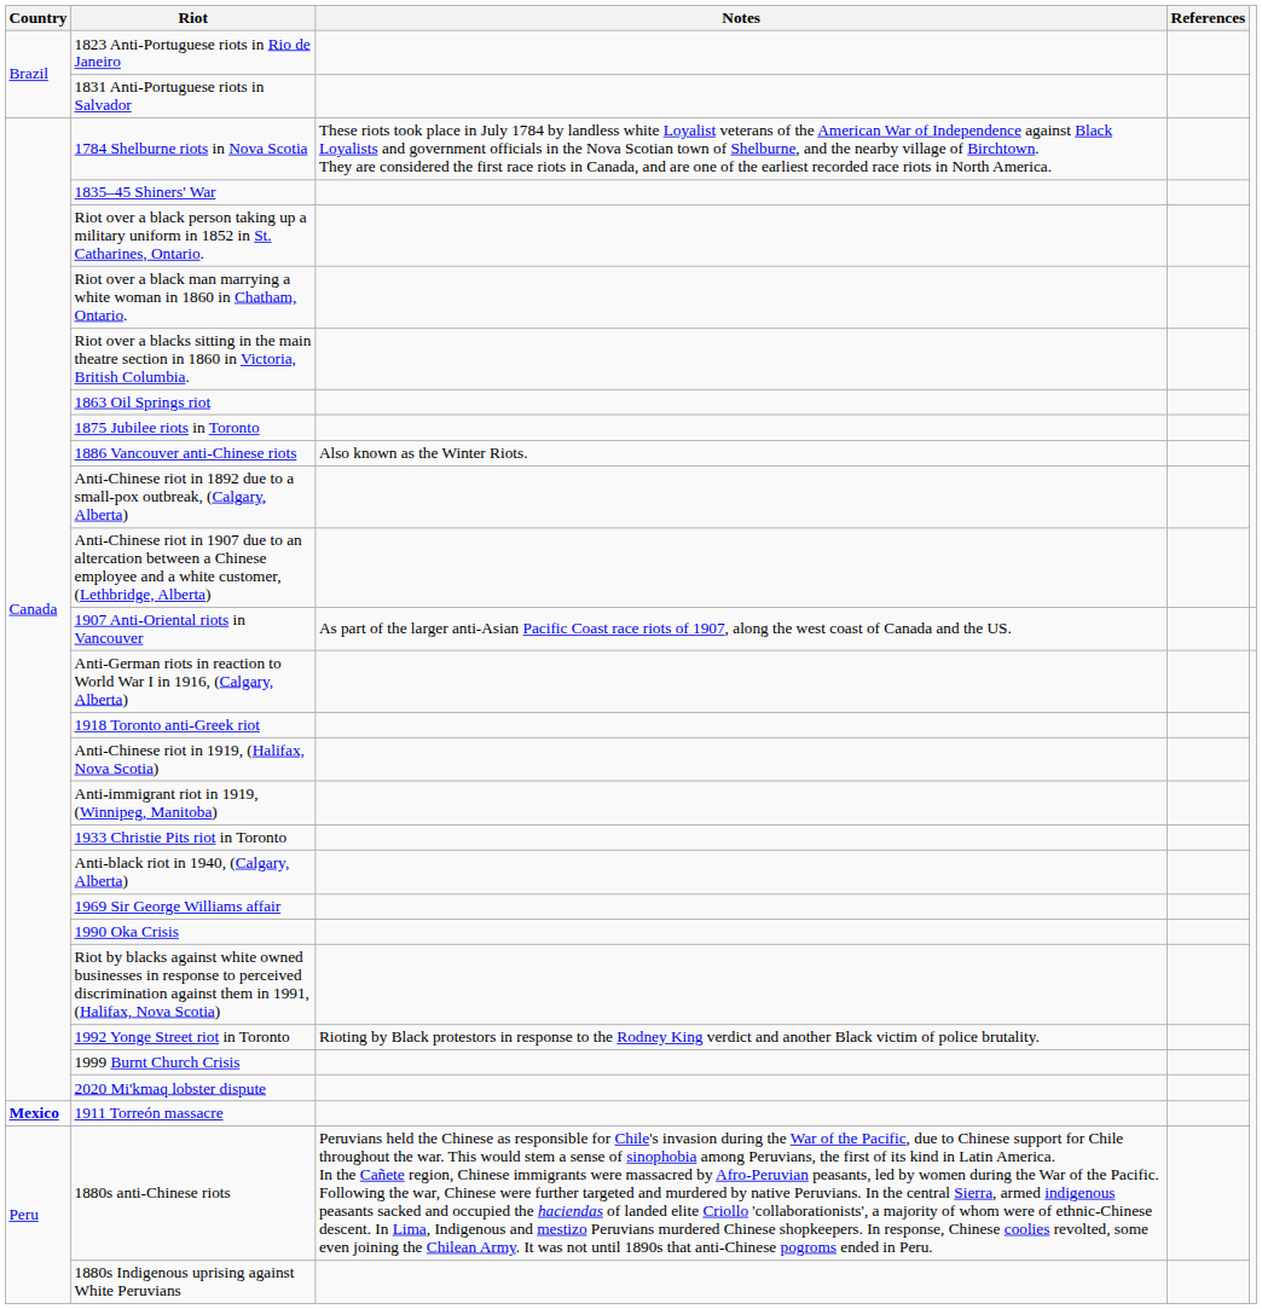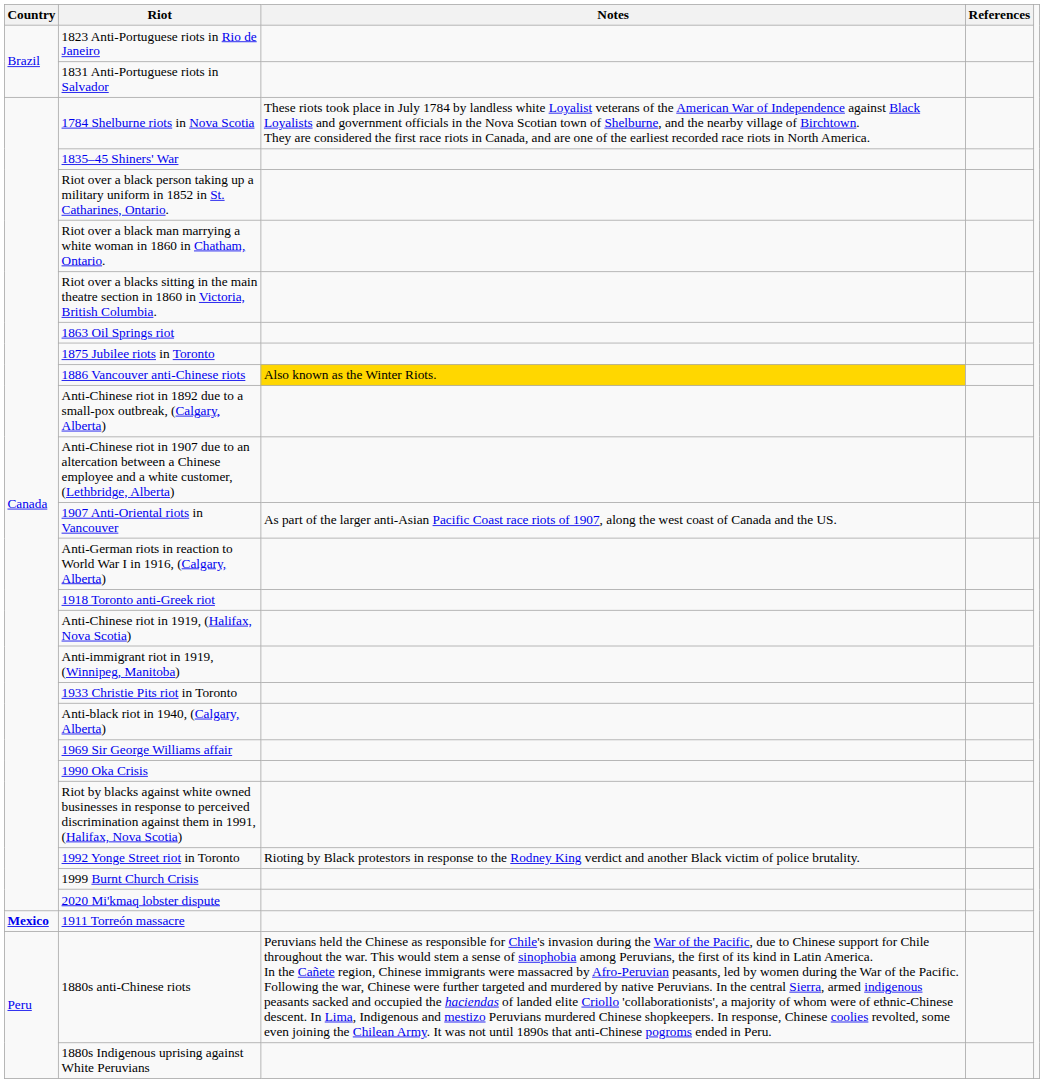 <table class="wikitable">
 <tr>
 <th>Country</th>
 <th>Riot</th>
 <th>Notes</th>
 <th>References</th>
 </tr>
 <tr>
 <td rowspan="2"><a href='#'>Brazil</a></td>
 <td>1823 Anti-Portuguese riots in <a href='#'>Rio de Janeiro</a></td>
 <td></td>
 <td></td>
 </tr>
 <tr>
 <td>1831 Anti-Portuguese riots in <a href='#'>Salvador</a></td>
 <td></td>
 <td></td>
 </tr>
 <tr>
 <td rowspan="23"><a href='#'>Canada</a></td>
 <td><a href='#'>1784 Shelburne riots</a> in <a href='#'>Nova Scotia</a></td>
 <td>These riots took place in July 1784 by landless white <a href='#'>Loyalist</a> veterans of the <a href='#'>American War of Independence</a> against <a href='#'>Black Loyalists</a> and government officials in the Nova Scotian town of <a href='#'>Shelburne</a>, and the nearby village of <a href='#'>Birchtown</a>.<br>They are considered the first race riots in Canada, and are one of the earliest recorded race riots in North America.</td>
 <td></td>
 </tr>
 <tr>
 <td><a href='#'>1835–45 Shiners' War</a></td>
 <td></td>
 <td></td>
 </tr>
 <tr>
 <td>Riot over a black person taking up a military uniform in 1852 in <a href='#'>St. Catharines, Ontario</a>.</td>
 <td></td>
 <td></td>
 </tr>
 <tr>
 <td>Riot over a black man marrying a white woman in 1860 in <a href='#'>Chatham, Ontario</a>.</td>
 <td></td>
 <td></td>
 </tr>
 <tr>
 <td>Riot over a blacks sitting in the main theatre section in 1860 in <a href='#'>Victoria, British Columbia</a>.</td>
 <td></td>
 <td></td>
 </tr>
 <tr>
 <td><a href='#'>1863 Oil Springs riot</a></td>
 <td></td>
 <td></td>
 </tr>
 <tr>
 <td><a href='#'>1875 Jubilee riots</a> in <a href='#'>Toronto</a></td>
 <td></td>
 <td></td>
 </tr>
 <tr>
 <td><a href='#'>1886 Vancouver anti-Chinese riots</a></td>
-<td>Also known as the Winter Riots.</td>
+<td style="background: gold;">Also known as the Winter Riots.</td>
 <td></td>
 </tr>
 <tr>
 <td>Anti-Chinese riot in 1892 due to a small-pox outbreak, (<a href='#'>Calgary, Alberta</a>)</td>
 <td></td>
 <td></td>
 </tr>
 <tr>
 <td>Anti-Chinese riot in 1907 due to an altercation between a Chinese employee and a white customer, (<a href='#'>Lethbridge, Alberta</a>)</td>
 <td></td>
 <td></td>
 </tr>
 <tr>
 <td><a href='#'>1907 Anti-Oriental riots</a> in <a href='#'>Vancouver</a></td>
 <td>As part of the larger anti-Asian <a href='#'>Pacific Coast race riots of 1907</a>, along the west coast of Canada and the US.</td>
 <td></td>
 <td></td>
 </tr>
 <tr>
 <td>Anti-German riots in reaction to World War I in 1916, (<a href='#'>Calgary, Alberta</a>)</td>
 <td></td>
 <td></td>
 </tr>
 <tr>
 <td><a href='#'>1918 Toronto anti-Greek riot</a></td>
 <td></td>
 <td></td>
 </tr>
 <tr>
 <td>Anti-Chinese riot in 1919, (<a href='#'>Halifax, Nova Scotia</a>)</td>
 <td></td>
 <td></td>
 </tr>
 <tr>
 <td>Anti-immigrant riot in 1919, (<a href='#'>Winnipeg, Manitoba</a>)</td>
 <td></td>
 <td></td>
 </tr>
 <tr>
 <td><a href='#'>1933 Christie Pits riot</a> in Toronto</td>
 <td></td>
 <td></td>
 </tr>
 <tr>
 <td>Anti-black riot in 1940, (<a href='#'>Calgary, Alberta</a>)</td>
 <td></td>
 <td></td>
 </tr>
 <tr>
 <td><a href='#'>1969 Sir George Williams affair</a></td>
 <td></td>
 <td></td>
 </tr>
 <tr>
 <td><a href='#'>1990 Oka Crisis</a></td>
 <td></td>
 <td></td>
 </tr>
 <tr>
 <td>Riot by blacks against white owned businesses in response to perceived discrimination against them in 1991, (<a href='#'>Halifax, Nova Scotia</a>)</td>
 <td></td>
 <td></td>
 </tr>
 <tr>
 <td><a href='#'>1992 Yonge Street riot</a> in Toronto</td>
 <td>Rioting by Black protestors in response to the <a href='#'>Rodney King</a> verdict and another Black victim of police brutality.</td>
 <td></td>
 </tr>
 <tr>
 <td>1999 <a href='#'>Burnt Church Crisis</a></td>
 <td></td>
 <td></td>
 </tr>
 <tr>
 <td><a href='#'>2020 Mi'kmaq lobster dispute</a></td>
 <td></td>
 <td></td>
 </tr>
 <tr>
 <td><strong><a href='#'>Mexico</a></strong></td>
 <td><a href='#'>1911 Torreón massacre</a></td>
 <td></td>
 <td></td>
 </tr>
 <tr>
 <td rowspan="2"><a href='#'>Peru</a></td>
 <td>1880s anti-Chinese riots</td>
 <td>Peruvians held the Chinese as responsible for <a href='#'>Chile</a>'s invasion during the <a href='#'>War of the Pacific</a>, due to Chinese support for Chile throughout the war. This would stem a sense of <a href='#'>sinophobia</a> among Peruvians, the first of its kind in Latin America.<br>In the <a href='#'>Cañete</a> region, Chinese immigrants were massacred by <a href='#'>Afro-Peruvian</a> peasants, led by women during the War of the Pacific. Following the war, Chinese were further targeted and murdered by native Peruvians. In the central <a href='#'>Sierra</a>, armed <a href='#'>indigenous</a> peasants sacked and occupied the <a href='#'><em>haciendas</em></a> of landed elite <a href='#'>Criollo</a> 'collaborationists', a majority of whom were of ethnic-Chinese descent. In <a href='#'>Lima</a>, Indigenous and <a href='#'>mestizo</a> Peruvians murdered Chinese shopkeepers. In response, Chinese <a href='#'>coolies</a> revolted, some even joining the <a href='#'>Chilean Army</a>. It was not until 1890s that anti-Chinese <a href='#'>pogroms</a> ended in Peru.</td>
 <td></td>
 </tr>
 <tr>
 <td>1880s Indigenous uprising against White Peruvians</td>
 <td></td>
 <td></td>
 </tr>
 </table>
